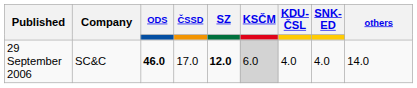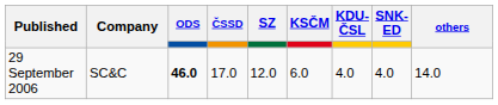 <table class="wikitable" style="text-align:left;">
 <tr>
 <th style="width:90px;"  rowspan="2">Published</th>
 <th style="width:90px;"  rowspan="2">Company</th>
 <th style="width:40px"><a href='#'><small>ODS</small></a></th>
 <th style="width:40px"><a href='#'><small>ČSSD</small></a></th>
 <th><a href='#'><span>SZ</span></a></th>
 <th><a href='#'><span>KSČM</span></a></th>
 <th><a href='#'><span>KDU-ČSL</span></a></th>
 <th><a href='#'><span>SNK-ED</span></a></th>
 <th style="width:90px;" rowspan="2"><a href='#'><small>others</small></a></th>
 </tr>
 <tr>
 <th style="background:#034EA2; width:40px;"></th>
 <th style="background:#F29400; width:40px;"></th>
 <th style="background:#00703C; width:40px;"></th>
 <th style="background:#E00219; width:40px;"></th>
 <th style="background:#FFCB03; width:40px;"></th>
 <th style="background:#FFCB03; width:40px;"></th>
 </tr>
 <tr>
 <td>29 September 2006</td>
 <td>SC&C</td>
 <td><strong>46.0</strong></td>
 <td>17.0</td>
-<td><strong>12.0</strong></td>
-<td style="background: lightgrey;">6.0</td>
+<td>12.0</td>
+<td>6.0</td>
 <td>4.0</td>
 <td>4.0</td>
 <td>14.0</td>
 </tr>
 </table>
